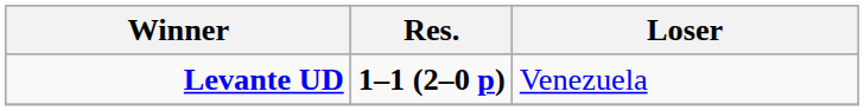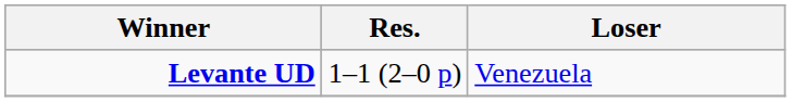 <table class="wikitable">
 <tr>
 <th width=170>Winner</th>
 <th>Res.</th>
 <th width=170>Loser</th>
 </tr>
 <tr>
 <td align=right><strong><a href='#'>Levante UD</a> </strong></td>
-<td><strong>1–1 (2–0 <a href='#'>p</a>)</strong></td>
+<td>1–1 (2–0 <a href='#'>p</a>)</td>
 <td> <a href='#'>Venezuela</a></td>
 </tr>
 <tr>
 </tr>
 </table>
